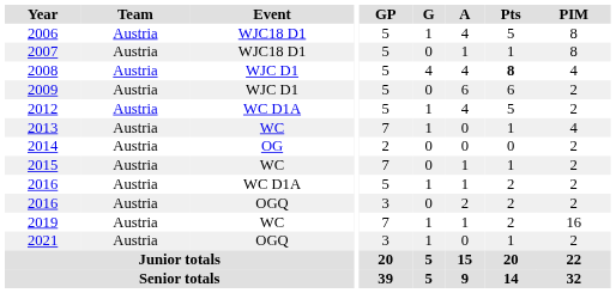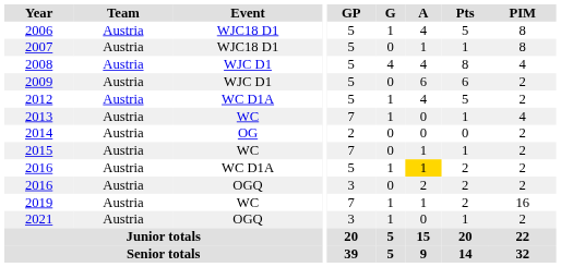 <table border="0" cellpadding="1" cellspacing="0" ID="Table3" style="text-align:center; width:40em">
 <tr ALIGN="center" bgcolor="#e0e0e0">
 <th>Year</th>
 <th>Team</th>
 <th>Event</th>
 <th rowspan="102" bgcolor="#ffffff"></th>
 <th>GP</th>
 <th>G</th>
 <th>A</th>
 <th>Pts</th>
 <th>PIM</th>
 </tr>
 <tr>
 <td><a href='#'>2006</a></td>
 <td><a href='#'>Austria</a></td>
 <td><a href='#'>WJC18 D1</a></td>
 <td>5</td>
 <td>1</td>
 <td>4</td>
 <td>5</td>
 <td>8</td>
 </tr>
 <tr bgcolor="#f0f0f0">
 <td><a href='#'>2007</a></td>
 <td>Austria</td>
 <td>WJC18 D1</td>
 <td>5</td>
 <td>0</td>
 <td>1</td>
 <td>1</td>
 <td>8</td>
 </tr>
 <tr>
 <td><a href='#'>2008</a></td>
 <td><a href='#'>Austria</a></td>
 <td><a href='#'>WJC D1</a></td>
 <td>5</td>
 <td>4</td>
 <td>4</td>
-<td><strong>8</strong></td>
+<td>8</td>
 <td>4</td>
 </tr>
 <tr bgcolor="#f0f0f0">
 <td><a href='#'>2009</a></td>
 <td>Austria</td>
 <td>WJC D1</td>
 <td>5</td>
 <td>0</td>
 <td>6</td>
 <td>6</td>
 <td>2</td>
 </tr>
 <tr>
 <td><a href='#'>2012</a></td>
 <td><a href='#'>Austria</a></td>
 <td><a href='#'>WC D1A</a></td>
 <td>5</td>
 <td>1</td>
 <td>4</td>
 <td>5</td>
 <td>2</td>
 </tr>
 <tr bgcolor="#f0f0f0">
 <td><a href='#'>2013</a></td>
 <td>Austria</td>
 <td><a href='#'>WC</a></td>
 <td>7</td>
 <td>1</td>
 <td>0</td>
 <td>1</td>
 <td>4</td>
 </tr>
 <tr>
 <td><a href='#'>2014</a></td>
 <td>Austria</td>
 <td><a href='#'>OG</a></td>
 <td>2</td>
 <td>0</td>
 <td>0</td>
 <td>0</td>
 <td>2</td>
 </tr>
 <tr bgcolor="#f0f0f0">
 <td><a href='#'>2015</a></td>
 <td>Austria</td>
 <td>WC</td>
 <td>7</td>
 <td>0</td>
 <td>1</td>
 <td>1</td>
 <td>2</td>
 </tr>
 <tr>
 <td><a href='#'>2016</a></td>
 <td>Austria</td>
 <td>WC D1A</td>
 <td>5</td>
 <td>1</td>
-<td>1</td>
+<td style="background: gold;">1</td>
 <td>2</td>
 <td>2</td>
 </tr>
 <tr bgcolor="#f0f0f0">
 <td><a href='#'>2016</a></td>
 <td>Austria</td>
 <td>OGQ</td>
 <td>3</td>
 <td>0</td>
 <td>2</td>
 <td>2</td>
 <td>2</td>
 </tr>
 <tr>
 <td><a href='#'>2019</a></td>
 <td>Austria</td>
 <td>WC</td>
 <td>7</td>
 <td>1</td>
 <td>1</td>
 <td>2</td>
 <td>16</td>
 </tr>
 <tr bgcolor="#f0f0f0">
 <td><a href='#'>2021</a></td>
 <td>Austria</td>
 <td>OGQ</td>
 <td>3</td>
 <td>1</td>
 <td>0</td>
 <td>1</td>
 <td>2</td>
 </tr>
 <tr bgcolor="#e0e0e0">
 <th colspan=3>Junior totals</th>
 <th>20</th>
 <th>5</th>
 <th>15</th>
 <th>20</th>
 <th>22</th>
 </tr>
 <tr bgcolor="#e0e0e0">
 <th colspan=3>Senior totals</th>
 <th>39</th>
 <th>5</th>
 <th>9</th>
 <th>14</th>
 <th>32</th>
 </tr>
 </table>
